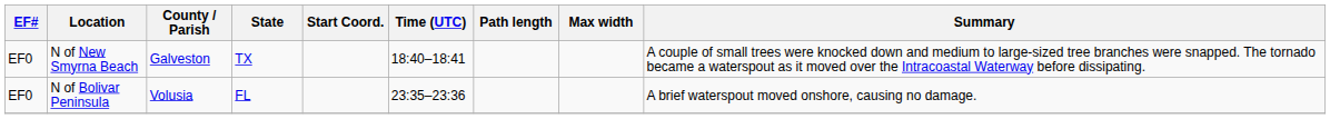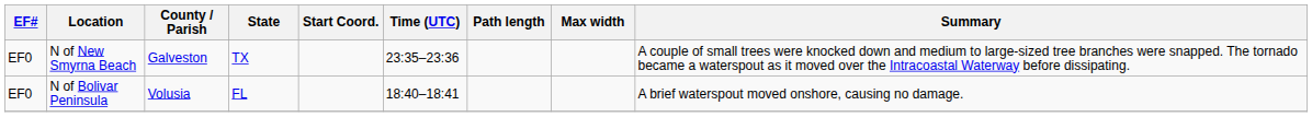 <table class="wikitable sortable" style="width:100%;">
 <tr>
 <th scope="col"  style="width:3%; text-align:center;"><a href='#'>EF#</a></th>
 <th scope="col"  style="width:7%; text-align:center;" class="unsortable">Location</th>
 <th scope="col"  style="width:6%; text-align:center;" class="unsortable">County / Parish</th>
 <th scope="col"  style="width:5%; text-align:center;">State</th>
 <th scope="col"  style="width:6%; text-align:center;">Start Coord.</th>
 <th scope="col"  style="width:6%; text-align:center;">Time (<a href='#'>UTC</a>)</th>
 <th scope="col"  style="width:6%; text-align:center;">Path length</th>
 <th scope="col"  style="width:6%; text-align:center;">Max width</th>
 <th scope="col" class="unsortable" style="width:48%; text-align:center;">Summary</th>
 </tr>
 <tr>
 <td>EF0</td>
 <td>N of <a href='#'>New Smyrna Beach</a></td>
 <td><a href='#'>Galveston</a></td>
 <td><a href='#'>TX</a></td>
 <td></td>
-<td>18:40–18:41</td>
+<td>23:35–23:36</td>
 <td></td>
 <td></td>
 <td>A couple of small trees were knocked down and medium to large-sized tree branches were snapped. The tornado became a waterspout as it moved over the <a href='#'>Intracoastal Waterway</a> before dissipating.</td>
 </tr>
 <tr>
 <td>EF0</td>
 <td>N of <a href='#'>Bolivar Peninsula</a></td>
 <td><a href='#'>Volusia</a></td>
 <td><a href='#'>FL</a></td>
 <td></td>
-<td>23:35–23:36</td>
+<td>18:40–18:41</td>
 <td></td>
 <td></td>
 <td>A brief waterspout moved onshore, causing no damage.</td>
 </tr>
 <tr>
 </tr>
 </table>
